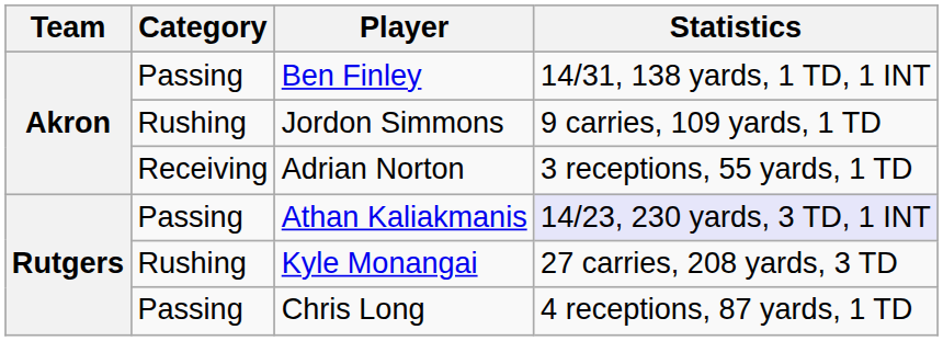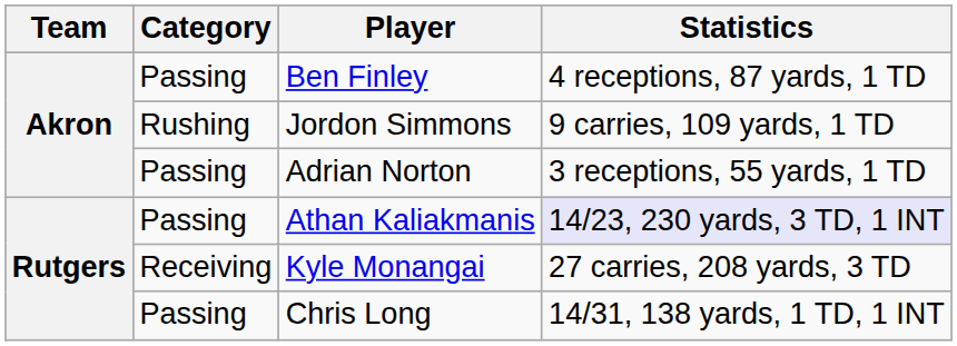 <table class="wikitable" style="float:right">
 <tr>
 <th>Team</th>
 <th>Category</th>
 <th>Player</th>
 <th>Statistics</th>
 </tr>
 <tr>
 <th rowspan=3>Akron</th>
 <td>Passing</td>
 <td><a href='#'>Ben Finley</a></td>
-<td>14/31, 138 yards, 1 TD, 1 INT</td>
+<td>4 receptions, 87 yards, 1 TD</td>
 </tr>
 <tr>
 <td>Rushing</td>
 <td>Jordon Simmons</td>
 <td>9 carries, 109 yards, 1 TD</td>
 </tr>
 <tr>
-<td>Receiving</td>
+<td>Passing</td>
 <td>Adrian Norton</td>
 <td>3 receptions, 55 yards, 1 TD</td>
 </tr>
 <tr>
 <th rowspan=3>Rutgers</th>
 <td>Passing</td>
 <td><a href='#'>Athan Kaliakmanis</a></td>
 <td style="background: lavender;">14/23, 230 yards, 3 TD, 1 INT</td>
 </tr>
 <tr>
-<td>Rushing</td>
+<td>Receiving</td>
 <td><a href='#'>Kyle Monangai</a></td>
 <td>27 carries, 208 yards, 3 TD</td>
 </tr>
 <tr>
 <td>Passing</td>
 <td>Chris Long</td>
-<td>4 receptions, 87 yards, 1 TD</td>
+<td>14/31, 138 yards, 1 TD, 1 INT</td>
 </tr>
 </table>
